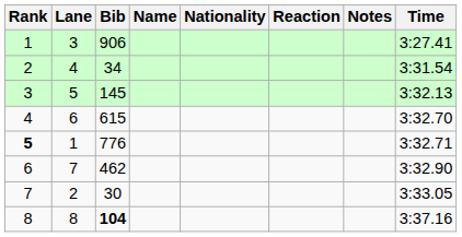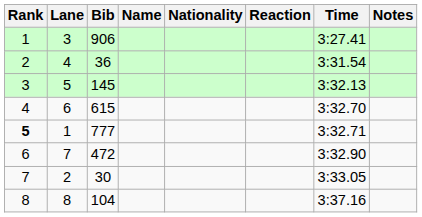 <table class="wikitable sortable" style="text-align:center">
 <tr>
 <th>Rank</th>
 <th>Lane</th>
 <th>Bib</th>
 <th>Name</th>
 <th>Nationality</th>
 <th>Reaction</th>
+<th>Time</th>
 <th>Notes</th>
-<th>Time</th>
 </tr>
 <tr bgcolor=ccffcc>
 <td>1</td>
 <td>3</td>
 <td>906</td>
 <td align=left></td>
 <td align=left></td>
 <td></td>
+<td>3:27.41</td>
 <td><strong></strong></td>
-<td>3:27.41</td>
 </tr>
 <tr bgcolor=ccffcc>
 <td>2</td>
 <td>4</td>
-<td>34</td>
+<td>36</td>
 <td align=left></td>
 <td align=left></td>
 <td></td>
+<td>3:31.54</td>
 <td><strong></strong></td>
-<td>3:31.54</td>
 </tr>
 <tr bgcolor=ccffcc>
 <td>3</td>
 <td>5</td>
 <td>145</td>
 <td align=left></td>
 <td align=left></td>
 <td></td>
+<td>3:32.13</td>
 <td><strong></strong></td>
-<td>3:32.13</td>
 </tr>
 <tr>
 <td>4</td>
 <td>6</td>
 <td>615</td>
 <td align=left></td>
 <td align=left></td>
 <td></td>
+<td>3:32.70</td>
 <td></td>
-<td>3:32.70</td>
 </tr>
 <tr>
 <td><strong>5</strong></td>
 <td>1</td>
-<td>776</td>
+<td>777</td>
 <td align=left></td>
 <td align=left></td>
 <td></td>
+<td>3:32.71</td>
 <td></td>
-<td>3:32.71</td>
 </tr>
 <tr>
 <td>6</td>
 <td>7</td>
-<td>462</td>
+<td>472</td>
 <td align=left></td>
 <td align=left></td>
 <td></td>
+<td>3:32.90</td>
 <td></td>
-<td>3:32.90</td>
 </tr>
 <tr>
 <td>7</td>
 <td>2</td>
 <td>30</td>
 <td align=left></td>
 <td align=left></td>
 <td></td>
+<td>3:33.05</td>
 <td></td>
-<td>3:33.05</td>
 </tr>
 <tr>
 <td>8</td>
 <td>8</td>
-<td><strong>104</strong></td>
+<td>104</td>
 <td align=left></td>
 <td align=left></td>
 <td></td>
+<td>3:37.16</td>
 <td></td>
-<td>3:37.16</td>
 </tr>
 </table>
